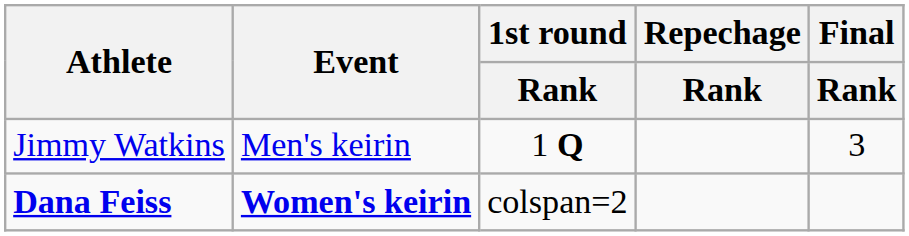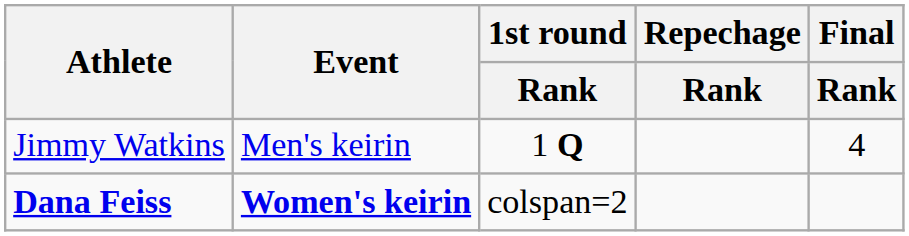 <table class="wikitable" style="font-size:90%">
 <tr>
 <th rowspan=2>Athlete</th>
 <th rowspan=2>Event</th>
 <th>1st round</th>
 <th>Repechage</th>
 <th>Final</th>
 </tr>
 <tr>
 <th>Rank</th>
 <th>Rank</th>
 <th>Rank</th>
 </tr>
 <tr align=center>
 <td align=left><a href='#'>Jimmy Watkins</a></td>
 <td align=left><a href='#'>Men's keirin</a></td>
 <td>1 <strong>Q</strong></td>
 <td></td>
-<td>3</td>
+<td>4</td>
 </tr>
 <tr align=center>
 <td align=left><strong><a href='#'>Dana Feiss</a></strong></td>
 <td align=left><strong><a href='#'>Women's keirin</a></strong></td>
 <td>colspan=2 </td>
 <td></td>
 </tr>
 </table>
